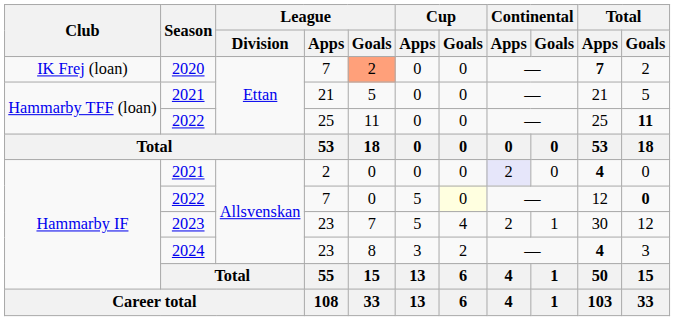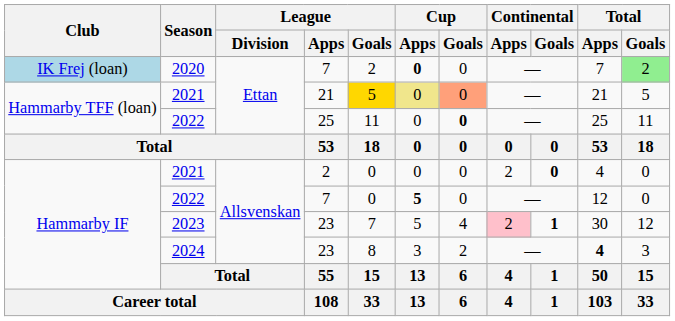 <table class="wikitable" style="text-align:center;">
 <tr>
 <th rowspan="2">Club</th>
 <th rowspan="2">Season</th>
 <th colspan="3">League</th>
 <th colspan="2">Cup</th>
 <th colspan="2">Continental</th>
 <th colspan="2">Total</th>
 </tr>
 <tr>
 <th>Division</th>
 <th>Apps</th>
 <th>Goals</th>
 <th>Apps</th>
 <th>Goals</th>
 <th>Apps</th>
 <th>Goals</th>
 <th>Apps</th>
 <th>Goals</th>
 </tr>
 <tr>
-<td><a href='#'>IK Frej</a> (loan)</td>
+<td style="background: lightblue;"><a href='#'>IK Frej</a> (loan)</td>
 <td><a href='#'>2020</a></td>
 <td rowspan=3><a href='#'>Ettan</a></td>
 <td>7</td>
-<td style="background: lightsalmon;">2</td>
-<td>0</td>
+<td>2</td>
+<td><strong>0</strong></td>
 <td>0</td>
 <td colspan="2">—</td>
-<td><strong>7</strong></td>
-<td>2</td>
+<td>7</td>
+<td style="background: lightgreen;">2</td>
 </tr>
 <tr>
 <td rowspan=2><a href='#'>Hammarby TFF</a> (loan)</td>
 <td><a href='#'>2021</a></td>
 <td>21</td>
-<td>5</td>
-<td>0</td>
-<td>0</td>
+<td style="background: gold;">5</td>
+<td style="background: khaki;">0</td>
+<td style="background: lightsalmon;">0</td>
 <td colspan="2">—</td>
 <td>21</td>
 <td>5</td>
 </tr>
 <tr>
 <td><a href='#'>2022</a></td>
 <td>25</td>
 <td>11</td>
 <td>0</td>
-<td>0</td>
+<td><strong>0</strong></td>
 <td colspan="2">—</td>
 <td>25</td>
-<td><strong>11</strong></td>
+<td>11</td>
 </tr>
 <tr>
 <th colspan="3">Total</th>
 <th>53</th>
 <th>18</th>
 <th>0</th>
 <th>0</th>
 <th>0</th>
 <th>0</th>
 <th>53</th>
 <th>18</th>
 </tr>
 <tr>
 <td rowspan=5><a href='#'>Hammarby IF</a></td>
 <td><a href='#'>2021</a></td>
 <td rowspan=4><a href='#'>Allsvenskan</a></td>
 <td>2</td>
 <td>0</td>
 <td>0</td>
 <td>0</td>
-<td style="background: lavender;">2</td>
-<td>0</td>
-<td><strong>4</strong></td>
+<td>2</td>
+<td><strong>0</strong></td>
+<td>4</td>
 <td>0</td>
 </tr>
 <tr>
 <td><a href='#'>2022</a></td>
 <td>7</td>
 <td>0</td>
-<td>5</td>
-<td style="background: lightyellow;">0</td>
+<td><strong>5</strong></td>
+<td>0</td>
 <td colspan="2">—</td>
 <td>12</td>
-<td><strong>0</strong></td>
+<td>0</td>
 </tr>
 <tr>
 <td><a href='#'>2023</a></td>
 <td>23</td>
 <td>7</td>
 <td>5</td>
 <td>4</td>
-<td>2</td>
-<td>1</td>
+<td style="background: pink;">2</td>
+<td><strong>1</strong></td>
 <td>30</td>
 <td>12</td>
 </tr>
 <tr>
 <td><a href='#'>2024</a></td>
 <td>23</td>
 <td>8</td>
 <td>3</td>
 <td>2</td>
 <td colspan="2">—</td>
 <td><strong>4</strong></td>
 <td>3</td>
 </tr>
 <tr>
 <th colspan="2">Total</th>
 <th>55</th>
 <th>15</th>
 <th>13</th>
 <th>6</th>
 <th>4</th>
 <th>1</th>
 <th>50</th>
 <th>15</th>
 </tr>
 <tr>
 <th colspan="3">Career total</th>
 <th>108</th>
 <th>33</th>
 <th>13</th>
 <th>6</th>
 <th>4</th>
 <th>1</th>
 <th>103</th>
 <th>33</th>
 </tr>
 </table>
